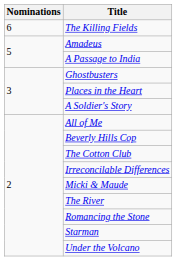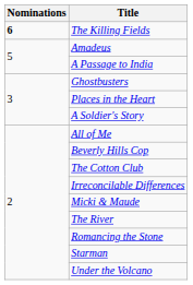 <table class="wikitable">
 <tr>
 <th>Nominations</th>
 <th>Title</th>
 </tr>
 <tr>
-<td>6</td>
+<td><strong>6</strong></td>
 <td><em><a href='#'>The Killing Fields</a></em></td>
 </tr>
 <tr>
 <td rowspan="2">5</td>
 <td><em><a href='#'>Amadeus</a></em></td>
 </tr>
 <tr>
 <td><em><a href='#'>A Passage to India</a></em></td>
 </tr>
 <tr>
 <td rowspan="3">3</td>
 <td><em><a href='#'>Ghostbusters</a></em></td>
 </tr>
 <tr>
 <td><em><a href='#'>Places in the Heart</a></em></td>
 </tr>
 <tr>
 <td><em><a href='#'>A Soldier's Story</a></em></td>
 </tr>
 <tr>
 <td rowspan="9">2</td>
 <td><em><a href='#'>All of Me</a></em></td>
 </tr>
 <tr>
 <td><em><a href='#'>Beverly Hills Cop</a></em></td>
 </tr>
 <tr>
 <td><em><a href='#'>The Cotton Club</a></em></td>
 </tr>
 <tr>
 <td><em><a href='#'>Irreconcilable Differences</a></em></td>
 </tr>
 <tr>
 <td><em><a href='#'>Micki & Maude</a></em></td>
 </tr>
 <tr>
 <td><em><a href='#'>The River</a></em></td>
 </tr>
 <tr>
 <td><em><a href='#'>Romancing the Stone</a></em></td>
 </tr>
 <tr>
 <td><em><a href='#'>Starman</a></em></td>
 </tr>
 <tr>
 <td><em><a href='#'>Under the Volcano</a></em></td>
 </tr>
 </table>
